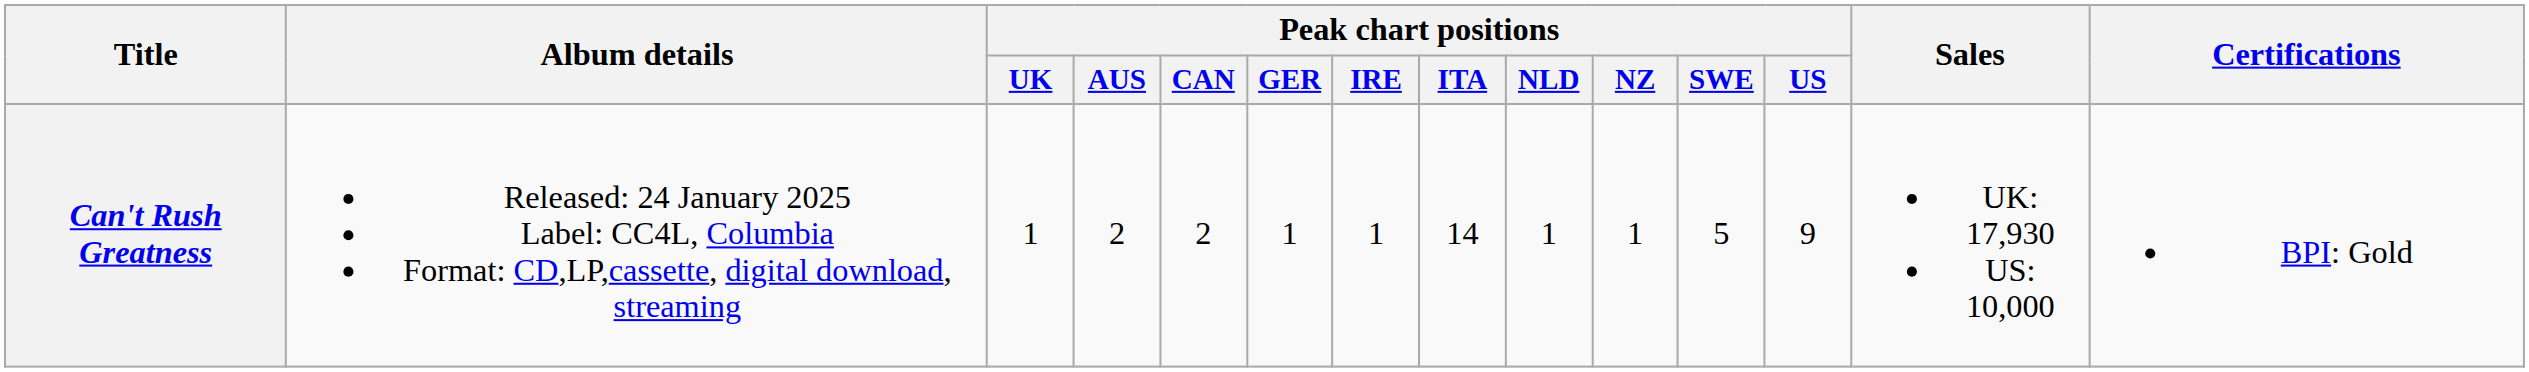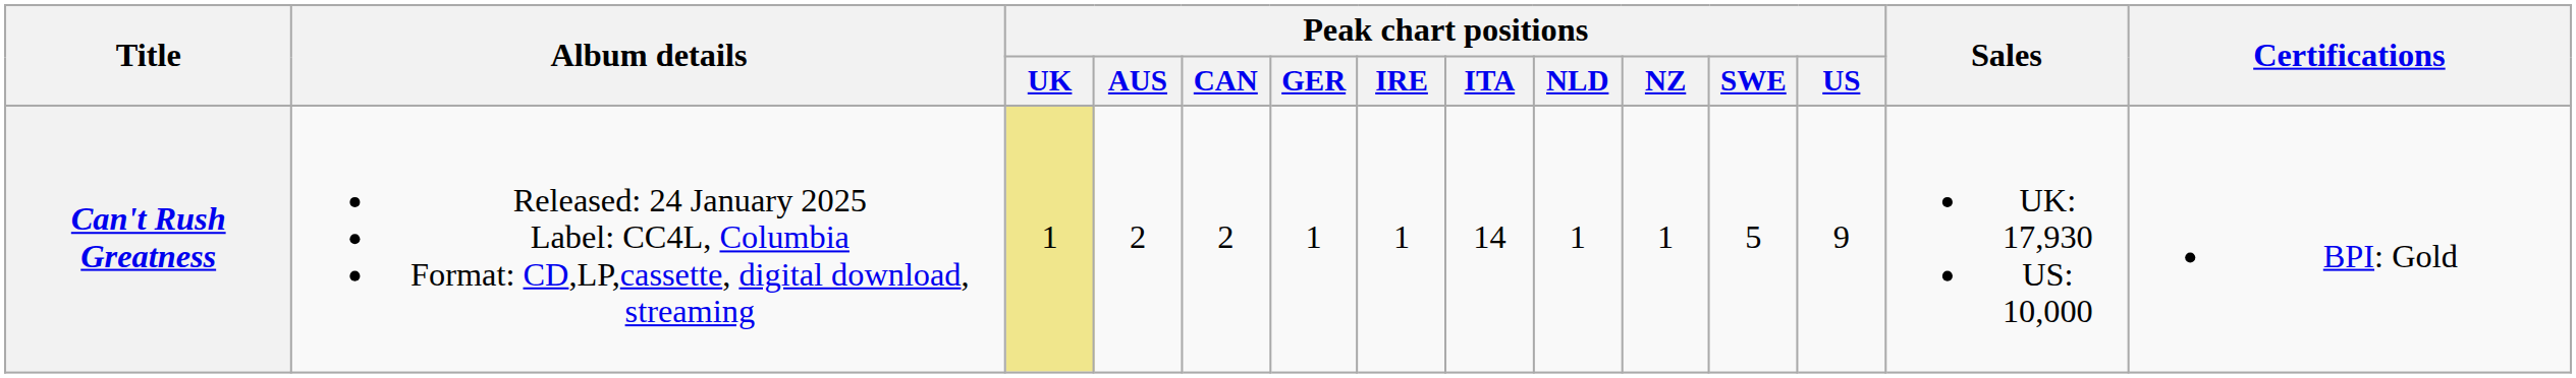 <table class="wikitable plainrowheaders" style="text-align:center;">
 <tr>
 <th scope="col" rowspan="2">Title</th>
 <th scope="col" rowspan="2">Album details</th>
 <th scope="col" colspan="10">Peak chart positions</th>
 <th scope="col" rowspan="2">Sales</th>
 <th scope="col" rowspan="2" style="width:13em;"><a href='#'>Certifications</a></th>
 </tr>
 <tr>
 <th scope="col" style="width:2.5em;font-size:90%;"><a href='#'>UK</a><br></th>
 <th scope="col" style="width:2.5em;font-size:90%;"><a href='#'>AUS</a><br></th>
 <th scope="col" style="width:2.5em;font-size:90%;"><a href='#'>CAN</a><br></th>
 <th scope="col" style="width:2.5em;font-size:90%;"><a href='#'>GER</a><br></th>
 <th scope="col" style="width:2.5em;font-size:90%;"><a href='#'>IRE</a><br></th>
 <th scope="col" style="width:2.5em;font-size:90%;"><a href='#'>ITA</a><br></th>
 <th scope="col" style="width:2.5em;font-size:90%;"><a href='#'>NLD</a><br></th>
 <th scope="col" style="width:2.5em;font-size:90%;"><a href='#'>NZ</a><br></th>
 <th scope="col" style="width:2.5em;font-size:90%;"><a href='#'>SWE</a><br></th>
 <th scope="col" style="width:2.5em;font-size:90%;"><a href='#'>US</a><br></th>
 </tr>
 <tr>
 <th scope="row"><em><a href='#'>Can't Rush Greatness</a></em></th>
 <td><br><ul><li>Released: 24 January 2025</li><li>Label: CC4L, <a href='#'>Columbia</a></li><li>Format: <a href='#'>CD</a>,LP,<a href='#'>cassette</a>, <a href='#'>digital download</a>, <a href='#'>streaming</a></li></ul></td>
-<td>1</td>
+<td style="background: khaki;">1</td>
 <td>2</td>
 <td>2</td>
 <td>1</td>
 <td>1</td>
 <td>14</td>
 <td>1</td>
 <td>1</td>
 <td>5</td>
 <td>9</td>
 <td><br><ul><li>UK: 17,930</li><li>US: 10,000</li></ul></td>
 <td><br><ul><li><a href='#'>BPI</a>: Gold</li></ul></td>
 </tr>
 </table>
